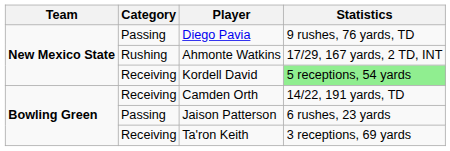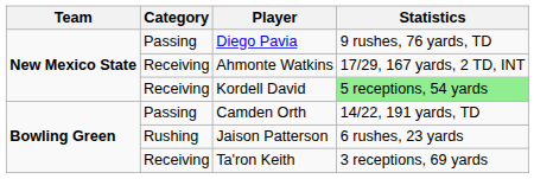 <table class="wikitable" style="float: right;">
 <tr>
 <th>Team</th>
 <th>Category</th>
 <th>Player</th>
 <th>Statistics</th>
 </tr>
 <tr>
 <td rowspan=3><strong>New Mexico State</strong></td>
 <td>Passing</td>
 <td><a href='#'>Diego Pavia</a></td>
 <td>9 rushes, 76 yards, TD</td>
 </tr>
 <tr>
-<td>Rushing</td>
+<td>Receiving</td>
 <td>Ahmonte Watkins</td>
 <td>17/29, 167 yards, 2 TD, INT</td>
 </tr>
 <tr>
 <td>Receiving</td>
 <td>Kordell David</td>
 <td style="background: lightgreen;">5 receptions, 54 yards</td>
 </tr>
 <tr>
 <td rowspan=3><strong>Bowling Green</strong></td>
-<td>Receiving</td>
+<td>Passing</td>
 <td>Camden Orth</td>
 <td>14/22, 191 yards, TD</td>
 </tr>
 <tr>
-<td>Passing</td>
+<td>Rushing</td>
 <td>Jaison Patterson</td>
 <td>6 rushes, 23 yards</td>
 </tr>
 <tr>
 <td>Receiving</td>
 <td>Ta'ron Keith</td>
 <td>3 receptions, 69 yards</td>
 </tr>
 </table>
